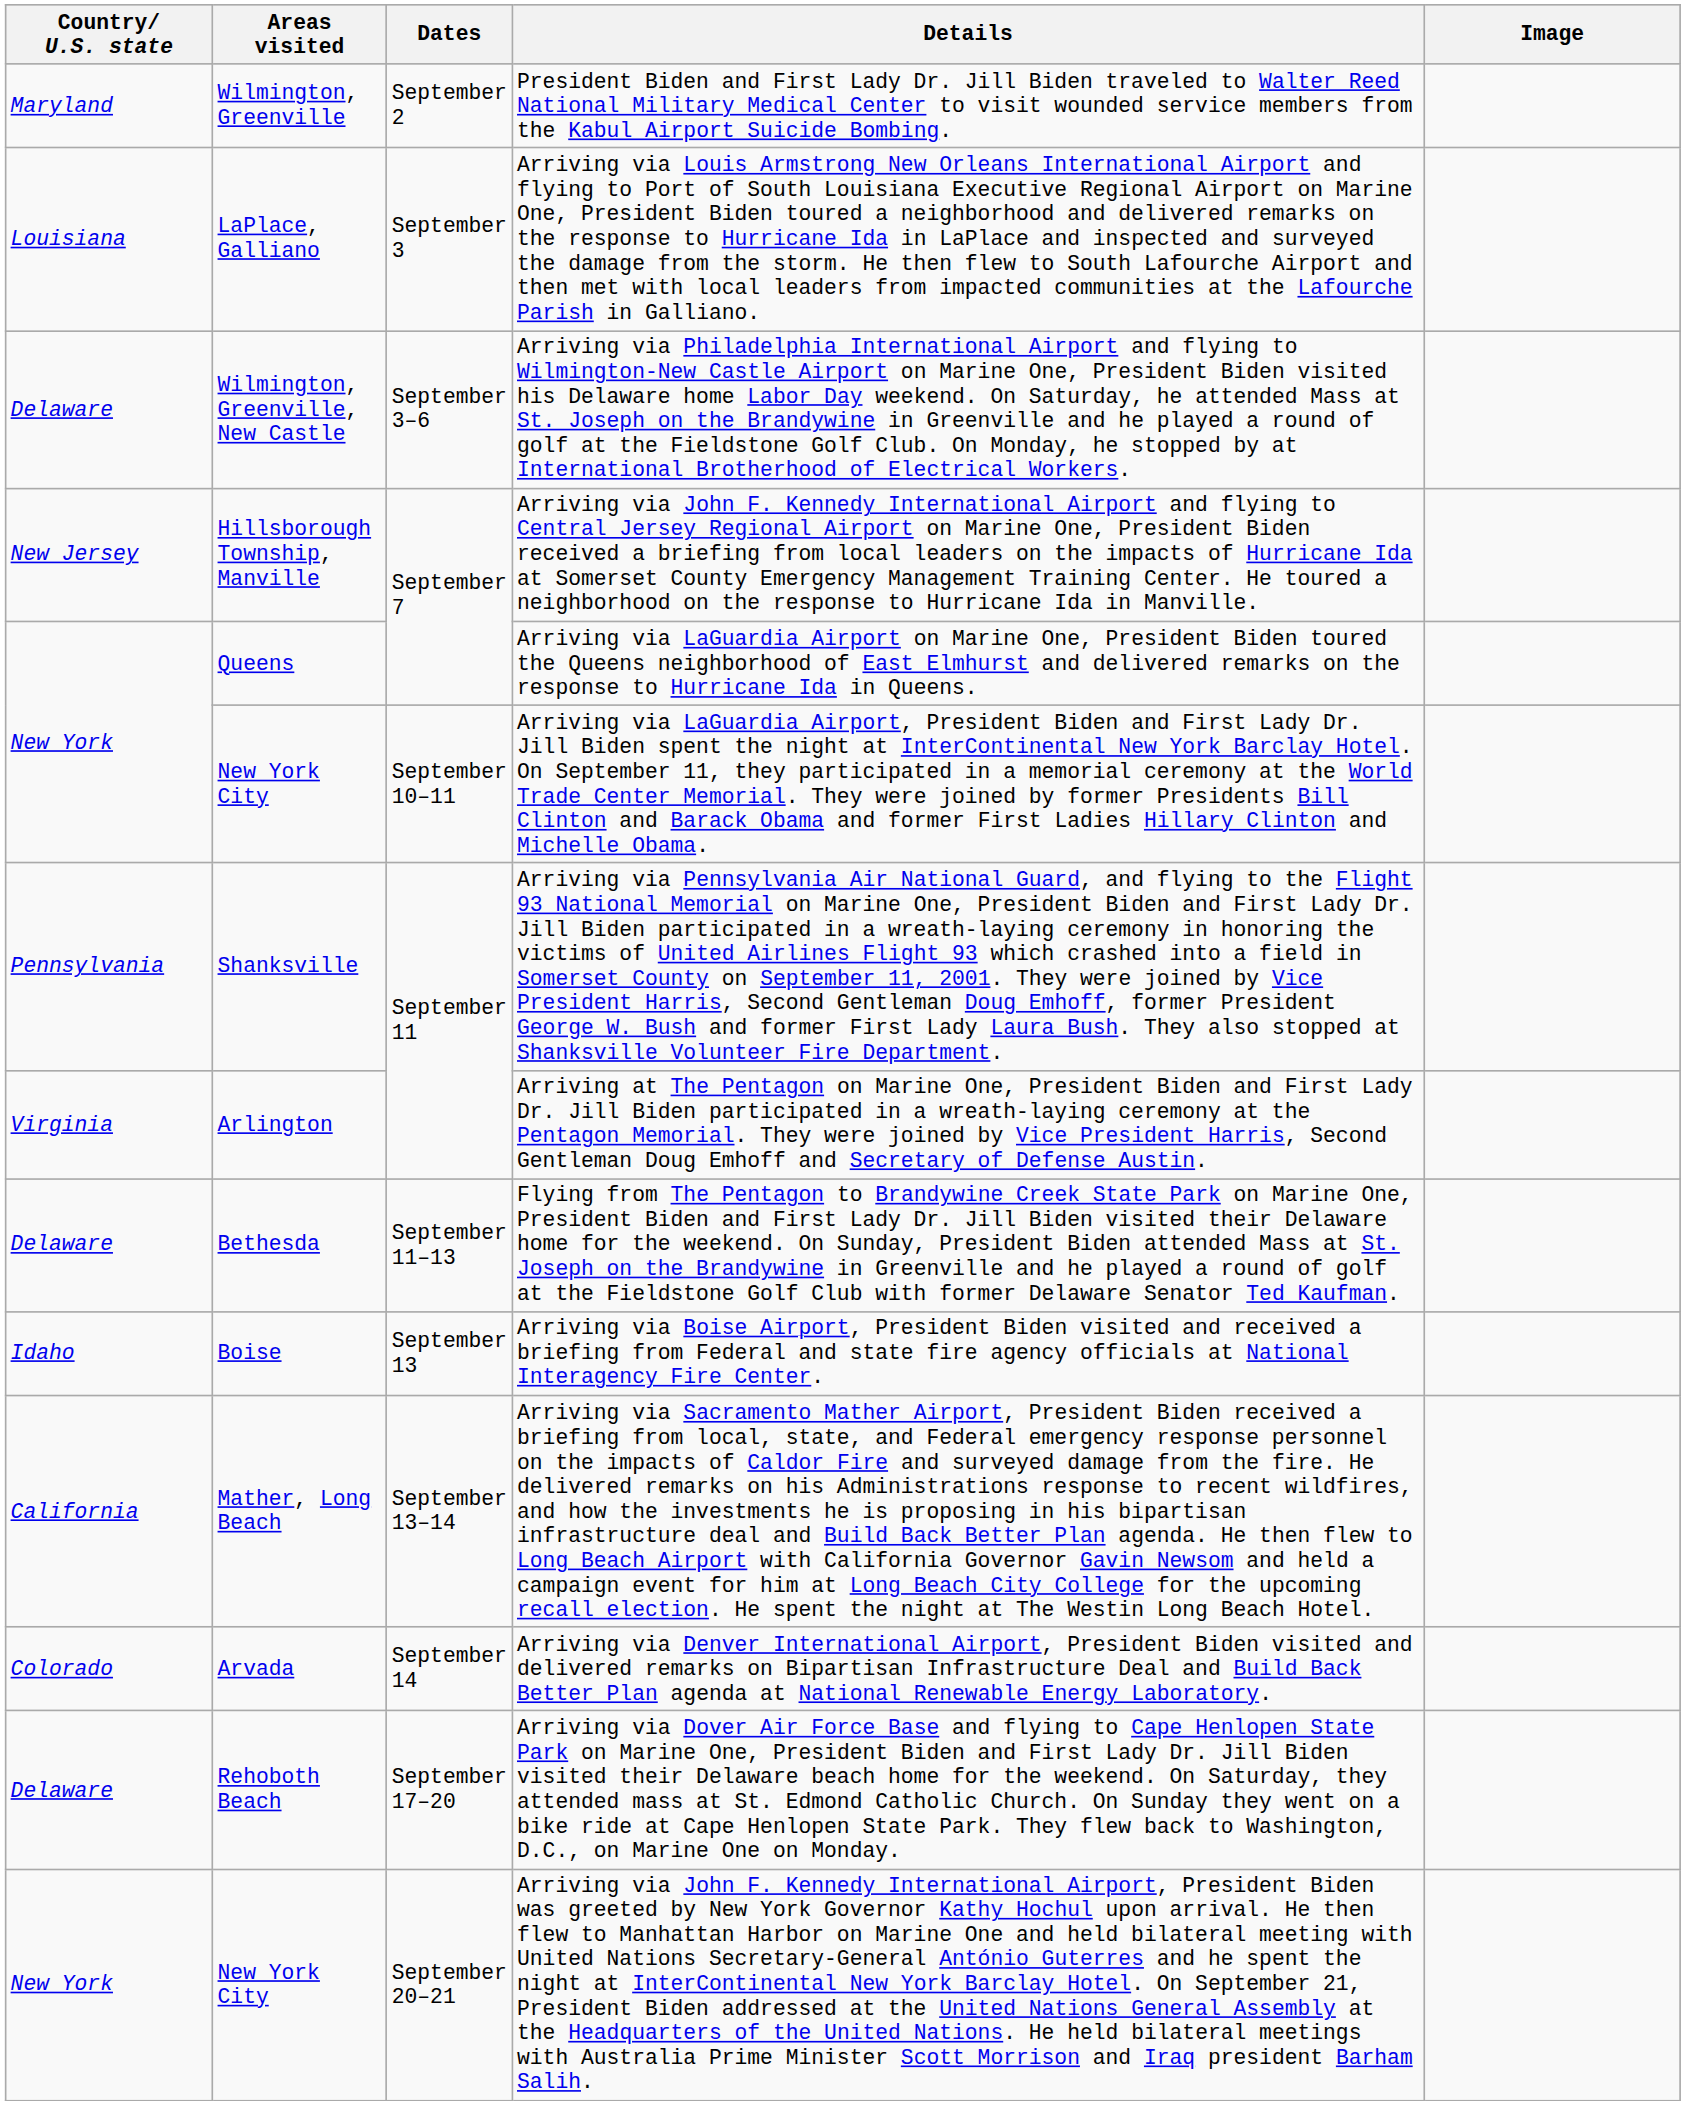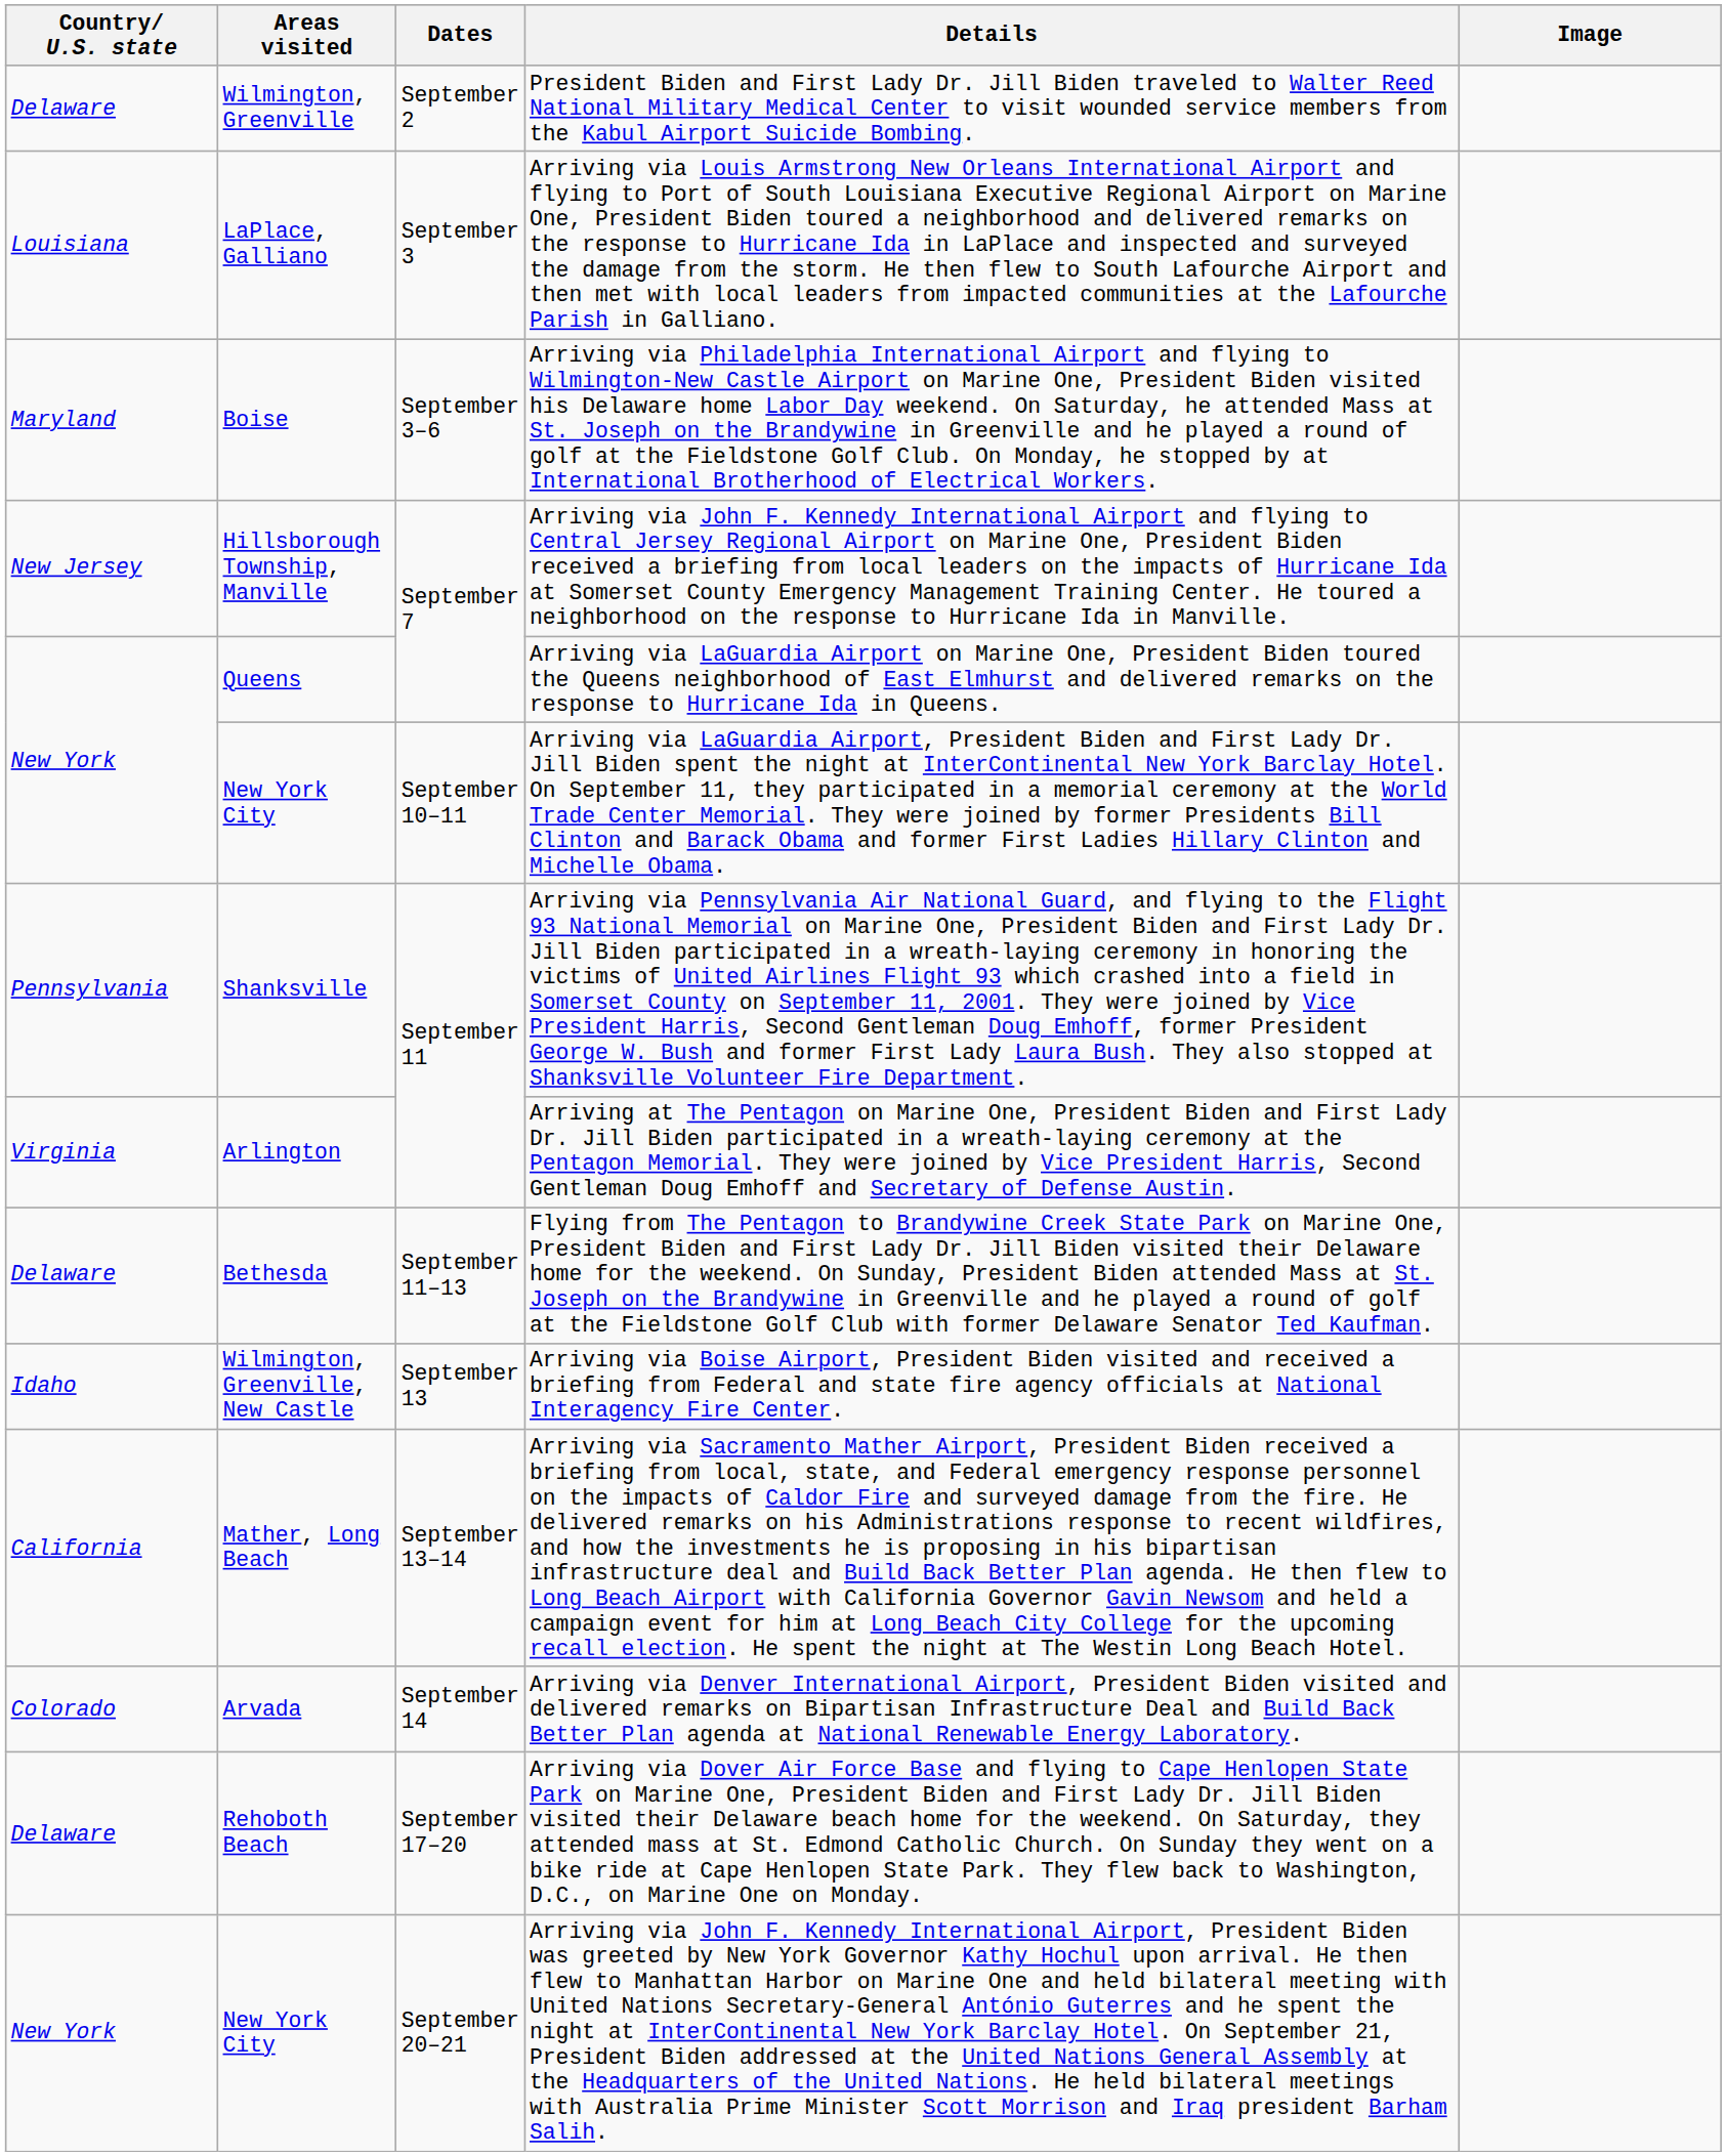 <table class="wikitable" style="margin: 1em auto 1em auto">
 <tr>
 <th width="120">Country/<br><em>U.S. state</em></th>
 <th width="100">Areas visited</th>
 <th width="70">Dates</th>
 <th width="550">Details</th>
 <th width="150">Image</th>
 </tr>
 <tr>
-<td> <em><a href='#'>Maryland</a></em></td>
+<td> <em><a href='#'>Delaware</a></em></td>
 <td><a href='#'>Wilmington</a>, <a href='#'>Greenville</a></td>
 <td>September 2</td>
 <td>President Biden and First Lady Dr. Jill Biden traveled to <a href='#'>Walter Reed National Military Medical Center</a> to visit wounded service members from the <a href='#'>Kabul Airport Suicide Bombing</a>.</td>
 <td></td>
 </tr>
 <tr>
 <td> <em><a href='#'>Louisiana</a></em></td>
 <td><a href='#'>LaPlace</a>, <a href='#'>Galliano</a></td>
 <td>September 3</td>
 <td>Arriving via <a href='#'>Louis Armstrong New Orleans International Airport</a> and flying to Port of South Louisiana Executive Regional Airport on Marine One, President Biden toured a neighborhood and delivered remarks on the response to <a href='#'>Hurricane Ida</a> in LaPlace and inspected and surveyed the damage from the storm. He then flew to South Lafourche Airport and then met with local leaders from impacted communities at the <a href='#'>Lafourche Parish</a> in Galliano.</td>
 <td></td>
 </tr>
 <tr>
-<td> <em><a href='#'>Delaware</a></em></td>
-<td><a href='#'>Wilmington</a>, <a href='#'>Greenville</a>, <a href='#'>New Castle</a></td>
+<td> <em><a href='#'>Maryland</a></em></td>
+<td><a href='#'>Boise</a></td>
 <td>September 3–6</td>
 <td>Arriving via <a href='#'>Philadelphia International Airport</a> and flying to <a href='#'>Wilmington-New Castle Airport</a> on Marine One, President Biden visited his Delaware home <a href='#'>Labor Day</a> weekend. On Saturday, he attended Mass at <a href='#'>St. Joseph on the Brandywine</a> in Greenville and he played a round of golf at the Fieldstone Golf Club. On Monday, he stopped by at <a href='#'>International Brotherhood of Electrical Workers</a>.</td>
 <td></td>
 </tr>
 <tr>
 <td> <em><a href='#'>New Jersey</a></em></td>
 <td><a href='#'>Hillsborough Township</a>, <a href='#'>Manville</a></td>
 <td rowspan="2">September 7</td>
 <td>Arriving via <a href='#'>John F. Kennedy International Airport</a> and flying to <a href='#'>Central Jersey Regional Airport</a> on Marine One, President Biden received a briefing from local leaders on the impacts of <a href='#'>Hurricane Ida</a> at Somerset County Emergency Management Training Center. He toured a neighborhood on the response to Hurricane Ida in Manville.</td>
 <td></td>
 </tr>
 <tr>
 <td rowspan="2"> <em><a href='#'>New York</a></em></td>
 <td><a href='#'>Queens</a></td>
 <td>Arriving via <a href='#'>LaGuardia Airport</a> on Marine One, President Biden toured the Queens neighborhood of <a href='#'>East Elmhurst</a> and delivered remarks on the response to <a href='#'>Hurricane Ida</a> in Queens.</td>
 <td></td>
 </tr>
 <tr>
 <td><a href='#'>New York City</a></td>
 <td>September 10–11</td>
 <td>Arriving via <a href='#'>LaGuardia Airport</a>, President Biden and First Lady Dr. Jill Biden spent the night at <a href='#'>InterContinental New York Barclay Hotel</a>. On September 11, they participated in a memorial ceremony at the <a href='#'>World Trade Center Memorial</a>. They were joined by former Presidents <a href='#'>Bill Clinton</a> and <a href='#'>Barack Obama</a> and former First Ladies <a href='#'>Hillary Clinton</a> and <a href='#'>Michelle Obama</a>.</td>
 <td></td>
 </tr>
 <tr>
 <td> <em><a href='#'>Pennsylvania</a></em></td>
 <td><a href='#'>Shanksville</a></td>
 <td rowspan="2">September 11</td>
 <td>Arriving via <a href='#'>Pennsylvania Air National Guard</a>, and flying to the <a href='#'>Flight 93 National Memorial</a> on Marine One, President Biden and First Lady Dr. Jill Biden participated in a wreath-laying ceremony in honoring the victims of <a href='#'>United Airlines Flight 93</a> which crashed into a field in <a href='#'>Somerset County</a> on <a href='#'>September 11, 2001</a>. They were joined by <a href='#'>Vice President Harris</a>, Second Gentleman <a href='#'>Doug Emhoff</a>, former President <a href='#'>George W. Bush</a> and former First Lady <a href='#'>Laura Bush</a>. They also stopped at <a href='#'>Shanksville Volunteer Fire Department</a>.</td>
 <td></td>
 </tr>
 <tr>
 <td> <em><a href='#'>Virginia</a></em></td>
 <td><a href='#'>Arlington</a></td>
 <td>Arriving at <a href='#'>The Pentagon</a> on Marine One, President Biden and First Lady Dr. Jill Biden participated in a wreath-laying ceremony at the <a href='#'>Pentagon Memorial</a>. They were joined by <a href='#'>Vice President Harris</a>, Second Gentleman Doug Emhoff and <a href='#'>Secretary of Defense Austin</a>.</td>
 <td></td>
 </tr>
 <tr>
 <td> <em><a href='#'>Delaware</a></em></td>
 <td><a href='#'>Bethesda</a></td>
 <td>September 11–13</td>
 <td>Flying from <a href='#'>The Pentagon</a> to <a href='#'>Brandywine Creek State Park</a> on Marine One, President Biden and First Lady Dr. Jill Biden visited their Delaware home for the weekend. On Sunday, President Biden attended Mass at <a href='#'>St. Joseph on the Brandywine</a> in Greenville and he played a round of golf at the Fieldstone Golf Club with former Delaware Senator <a href='#'>Ted Kaufman</a>.</td>
 <td></td>
 </tr>
 <tr>
 <td> <em><a href='#'>Idaho</a></em></td>
-<td><a href='#'>Boise</a></td>
+<td><a href='#'>Wilmington</a>, <a href='#'>Greenville</a>, <a href='#'>New Castle</a></td>
 <td>September 13</td>
 <td>Arriving via <a href='#'>Boise Airport</a>, President Biden visited and received a briefing from Federal and state fire agency officials at <a href='#'>National Interagency Fire Center</a>.</td>
 <td></td>
 </tr>
 <tr>
 <td> <em><a href='#'>California</a></em></td>
 <td><a href='#'>Mather</a>, <a href='#'>Long Beach</a></td>
 <td>September 13–14</td>
 <td>Arriving via <a href='#'>Sacramento Mather Airport</a>, President Biden received a briefing from local, state, and Federal emergency response personnel on the impacts of <a href='#'>Caldor Fire</a> and surveyed damage from the fire. He delivered remarks on his Administrations response to recent wildfires, and how the investments he is proposing in his bipartisan infrastructure deal and <a href='#'>Build Back Better Plan</a> agenda. He then flew to <a href='#'>Long Beach Airport</a> with California Governor <a href='#'>Gavin Newsom</a> and held a campaign event for him at <a href='#'>Long Beach City College</a> for the upcoming <a href='#'>recall election</a>. He spent the night at The Westin Long Beach Hotel.</td>
 <td></td>
 </tr>
 <tr>
 <td>  <em><a href='#'>Colorado</a></em></td>
 <td><a href='#'>Arvada</a></td>
 <td>September 14</td>
 <td>Arriving via <a href='#'>Denver International Airport</a>, President Biden visited and delivered remarks on Bipartisan Infrastructure Deal and <a href='#'>Build Back Better Plan</a> agenda at <a href='#'>National Renewable Energy Laboratory</a>.</td>
 <td></td>
 </tr>
 <tr>
 <td> <em><a href='#'>Delaware</a></em></td>
 <td><a href='#'>Rehoboth Beach</a></td>
 <td>September 17–20</td>
 <td>Arriving via <a href='#'>Dover Air Force Base</a> and flying to <a href='#'>Cape Henlopen State Park</a> on Marine One, President Biden and First Lady Dr. Jill Biden visited their Delaware beach home for the weekend. On Saturday, they attended mass at St. Edmond Catholic Church. On Sunday they went on a bike ride at Cape Henlopen State Park. They flew back to Washington, D.C., on Marine One on Monday.</td>
 <td></td>
 </tr>
 <tr>
 <td>  <em><a href='#'>New York</a></em></td>
 <td><a href='#'>New York City</a></td>
 <td>September 20–21</td>
 <td>Arriving via <a href='#'>John F. Kennedy International Airport</a>, President Biden was greeted by New York Governor <a href='#'>Kathy Hochul</a> upon arrival. He then flew to Manhattan Harbor on Marine One and held bilateral meeting with United Nations Secretary-General <a href='#'>António Guterres</a> and he spent the night at <a href='#'>InterContinental New York Barclay Hotel</a>. On September 21, President Biden addressed at the <a href='#'>United Nations General Assembly</a> at the <a href='#'>Headquarters of the United Nations</a>. He held bilateral meetings with Australia Prime Minister <a href='#'>Scott Morrison</a> and <a href='#'>Iraq</a> president <a href='#'>Barham Salih</a>.</td>
 <td></td>
 </tr>
 </table>
